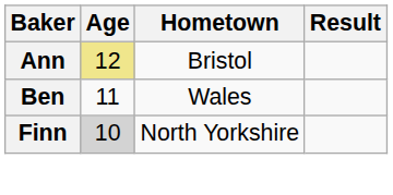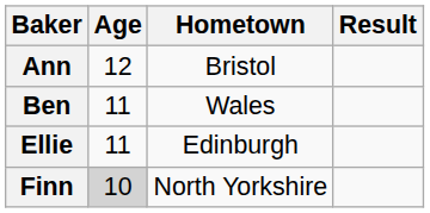 <table class="wikitable sortable" style="display:inline-table; text-align:center">
 <tr>
 <th scope="col">Baker</th>
 <th scope="col">Age</th>
 <th scope="col">Hometown</th>
 <th scope="col">Result</th>
 </tr>
 <tr>
 <th scope="row">Ann</th>
-<td style="background: khaki;">12</td>
+<td>12</td>
 <td>Bristol</td>
 <td></td>
 </tr>
 <tr>
 <th scope="row">Ben</th>
 <td>11</td>
 <td>Wales</td>
 <td></td>
 </tr>
 <tr>
+<th scope="row">Ellie</th>
+<td>11</td>
+<td>Edinburgh</td>
+<td></td>
+</tr>
+<tr>
 <th scope="row">Finn</th>
 <td style="background: lightgrey;">10</td>
 <td>North Yorkshire</td>
 <td></td>
 </tr>
 </table>
